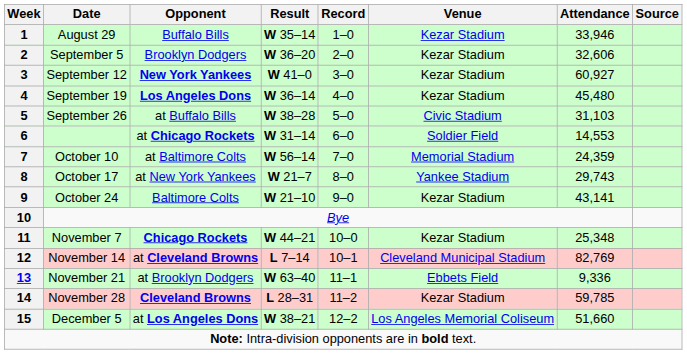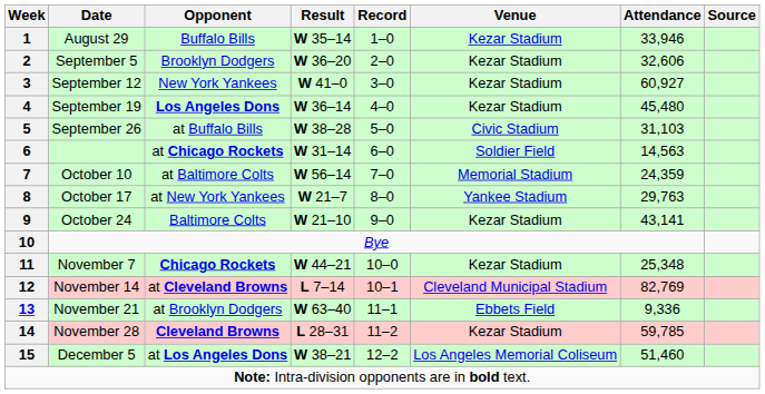 <table class="wikitable" style="text-align:center">
 <tr>
 <th>Week</th>
 <th>Date</th>
 <th>Opponent</th>
 <th>Result</th>
 <th>Record</th>
 <th>Venue</th>
 <th>Attendance</th>
 <th>Source</th>
 </tr>
 <tr style="background:#cfc">
 <th>1</th>
 <td>August 29</td>
 <td><a href='#'>Buffalo Bills</a></td>
 <td><strong>W</strong> 35–14</td>
 <td>1–0</td>
 <td><a href='#'>Kezar Stadium</a></td>
 <td>33,946</td>
 <td></td>
 </tr>
 <tr style="background:#cfc">
 <th>2</th>
 <td>September 5</td>
 <td><a href='#'>Brooklyn Dodgers</a></td>
 <td><strong>W</strong> 36–20</td>
 <td>2–0</td>
 <td>Kezar Stadium</td>
 <td>32,606</td>
 <td></td>
 </tr>
 <tr style="background:#cfc">
 <th>3</th>
 <td>September 12</td>
-<td><strong><a href='#'>New York Yankees</a></strong></td>
+<td><a href='#'>New York Yankees</a></td>
 <td><strong>W</strong> 41–0</td>
 <td>3–0</td>
 <td>Kezar Stadium</td>
 <td>60,927</td>
 <td></td>
 </tr>
 <tr style="background:#cfc">
 <th>4</th>
 <td>September 19</td>
 <td><strong><a href='#'>Los Angeles Dons</a></strong></td>
 <td><strong>W</strong> 36–14</td>
 <td>4–0</td>
 <td>Kezar Stadium</td>
 <td>45,480</td>
 <td></td>
 </tr>
 <tr style="background:#cfc">
 <th>5</th>
 <td>September 26</td>
 <td>at <a href='#'>Buffalo Bills</a></td>
 <td><strong>W</strong> 38–28</td>
 <td>5–0</td>
 <td><a href='#'>Civic Stadium</a></td>
 <td>31,103</td>
 <td></td>
 </tr>
 <tr style="background:#cfc">
 <th>6</th>
 <td></td>
 <td>at <strong><a href='#'>Chicago Rockets</a></strong></td>
 <td><strong>W</strong> 31–14</td>
 <td>6–0</td>
 <td><a href='#'>Soldier Field</a></td>
-<td>14,553</td>
+<td>14,563</td>
 <td></td>
 </tr>
 <tr style="background:#cfc">
 <th>7</th>
 <td>October 10</td>
 <td>at <a href='#'>Baltimore Colts</a></td>
 <td><strong>W</strong> 56–14</td>
 <td>7–0</td>
 <td><a href='#'>Memorial Stadium</a></td>
 <td>24,359</td>
 <td></td>
 </tr>
 <tr style="background:#cfc">
 <th>8</th>
 <td>October 17</td>
 <td>at <a href='#'>New York Yankees</a></td>
 <td><strong>W</strong> 21–7</td>
 <td>8–0</td>
 <td><a href='#'>Yankee Stadium</a></td>
-<td>29,743</td>
+<td>29,763</td>
 <td></td>
 </tr>
 <tr style="background:#cfc">
 <th>9</th>
 <td>October 24</td>
 <td><a href='#'>Baltimore Colts</a></td>
 <td><strong>W</strong> 21–10</td>
 <td>9–0</td>
 <td>Kezar Stadium</td>
 <td>43,141</td>
 <td></td>
 </tr>
 <tr>
 <th>10</th>
 <td colspan="6"><em><a href='#'>Bye</a></em></td>
 </tr>
 <tr style="background:#cfc">
 <th>11</th>
 <td>November 7</td>
 <td><strong><a href='#'>Chicago Rockets</a></strong></td>
 <td><strong>W</strong> 44–21</td>
 <td>10–0</td>
 <td>Kezar Stadium</td>
 <td>25,348</td>
 <td></td>
 </tr>
 <tr style="background:#fcc">
 <th>12</th>
 <td>November 14</td>
 <td>at <strong><a href='#'>Cleveland Browns</a></strong></td>
 <td><strong>L</strong> 7–14</td>
 <td>10–1</td>
 <td><a href='#'>Cleveland Municipal Stadium</a></td>
 <td>82,769</td>
 <td></td>
 </tr>
 <tr style="background:#cfc">
 <th><a href='#'>13</a></th>
 <td>November 21</td>
 <td>at <a href='#'>Brooklyn Dodgers</a></td>
 <td><strong>W</strong> 63–40</td>
 <td>11–1</td>
 <td><a href='#'>Ebbets Field</a></td>
 <td>9,336</td>
 <td></td>
 </tr>
 <tr style="background:#fcc">
 <th>14</th>
 <td>November 28</td>
 <td><strong><a href='#'>Cleveland Browns</a></strong></td>
 <td><strong>L</strong> 28–31</td>
 <td>11–2</td>
 <td>Kezar Stadium</td>
 <td>59,785</td>
 <td></td>
 </tr>
 <tr style="background:#cfc">
 <th>15</th>
 <td>December 5</td>
 <td>at <strong><a href='#'>Los Angeles Dons</a></strong></td>
 <td><strong>W</strong> 38–21</td>
 <td>12–2</td>
 <td><a href='#'>Los Angeles Memorial Coliseum</a></td>
-<td>51,660</td>
+<td>51,460</td>
 <td></td>
 </tr>
 <tr>
 <td colspan="8"><strong>Note:</strong> Intra-division opponents are in <strong>bold</strong> text.</td>
 </tr>
 </table>
